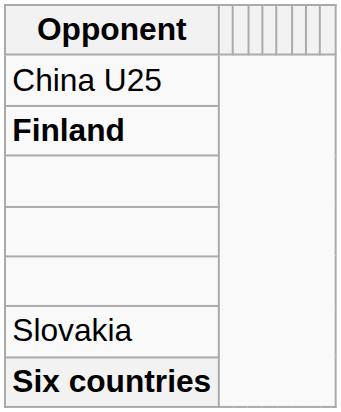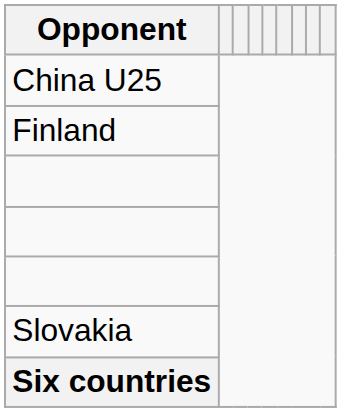 <table class="sortable wikitable plainrowheaders" style="text-align:center">
 <tr>
 <th>Opponent</th>
 <th></th>
 <th></th>
 <th></th>
 <th></th>
 <th></th>
 <th></th>
 <th></th>
 <th></th>
 </tr>
 <tr>
 <td style="text-align:left"> China U25<br></td>
 </tr>
 <tr>
-<td style="text-align:left"><strong> Finland<br></strong></td>
+<td style="text-align:left"> Finland<br></td>
 </tr>
 <tr>
 <td style="text-align:left"><br></td>
 </tr>
 <tr>
 <td style="text-align:left"><br></td>
 </tr>
 <tr>
 <td style="text-align:left"><br></td>
 </tr>
 <tr>
 <td style="text-align:left"> Slovakia<br></td>
 </tr>
 <tr>
 <th>Six countries<br></th>
 </tr>
 </table>
